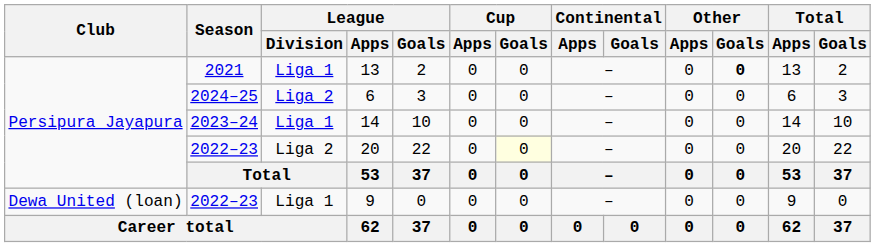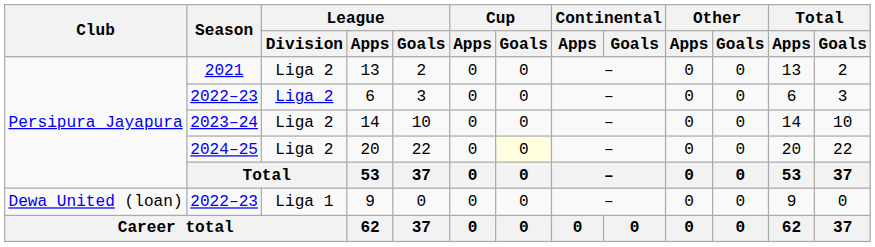 <table class="wikitable" style="text-align: center">
 <tr>
 <th rowspan="2">Club</th>
 <th rowspan="2">Season</th>
 <th colspan="3">League</th>
 <th colspan="2">Cup</th>
 <th colspan="2">Continental</th>
 <th colspan="2">Other</th>
 <th colspan="2">Total</th>
 </tr>
 <tr>
 <th>Division</th>
 <th>Apps</th>
 <th>Goals</th>
 <th>Apps</th>
 <th>Goals</th>
 <th>Apps</th>
 <th>Goals</th>
 <th>Apps</th>
 <th>Goals</th>
 <th>Apps</th>
 <th>Goals</th>
 </tr>
 <tr>
 <td rowspan="5"><a href='#'>Persipura Jayapura</a></td>
 <td><a href='#'>2021</a></td>
-<td rowspan="1" valign="center"><a href='#'>Liga 1</a></td>
+<td rowspan="1">Liga 2</td>
 <td>13</td>
 <td>2</td>
 <td>0</td>
 <td>0</td>
 <td colspan="2">–</td>
 <td>0</td>
-<td><strong>0</strong></td>
+<td>0</td>
 <td>13</td>
 <td>2</td>
 </tr>
 <tr>
-<td><a href='#'>2024–25</a></td>
+<td><a href='#'>2022–23</a></td>
 <td rowspan="1" valign="center"><a href='#'>Liga 2</a></td>
 <td>6</td>
 <td>3</td>
 <td>0</td>
 <td>0</td>
 <td colspan="2">–</td>
 <td>0</td>
 <td>0</td>
 <td>6</td>
 <td>3</td>
 </tr>
 <tr>
 <td><a href='#'>2023–24</a></td>
-<td rowspan="1" valign="center"><a href='#'>Liga 1</a></td>
+<td rowspan="1">Liga 2</td>
 <td>14</td>
 <td>10</td>
 <td>0</td>
 <td>0</td>
 <td colspan="2">–</td>
 <td>0</td>
 <td>0</td>
 <td>14</td>
 <td>10</td>
 </tr>
 <tr>
-<td><a href='#'>2022–23</a></td>
+<td><a href='#'>2024–25</a></td>
 <td rowspan="1">Liga 2</td>
 <td>20</td>
 <td>22</td>
 <td>0</td>
 <td style="background: lightyellow;">0</td>
 <td colspan="2">–</td>
 <td>0</td>
 <td>0</td>
 <td>20</td>
 <td>22</td>
 </tr>
 <tr>
 <th colspan="2">Total</th>
 <th>53</th>
 <th>37</th>
 <th>0</th>
 <th>0</th>
 <th colspan="2">–</th>
 <th>0</th>
 <th>0</th>
 <th>53</th>
 <th>37</th>
 </tr>
 <tr>
 <td rowspan="1"><a href='#'>Dewa United</a> (loan)</td>
 <td><a href='#'>2022–23</a></td>
 <td rowspan="1">Liga 1</td>
 <td>9</td>
 <td>0</td>
 <td>0</td>
 <td>0</td>
 <td colspan="2">–</td>
 <td>0</td>
 <td>0</td>
 <td>9</td>
 <td>0</td>
 </tr>
 <tr>
 <th colspan=3>Career total</th>
 <th>62</th>
 <th>37</th>
 <th>0</th>
 <th>0</th>
 <th>0</th>
 <th>0</th>
 <th>0</th>
 <th>0</th>
 <th>62</th>
 <th>37</th>
 </tr>
 </table>
